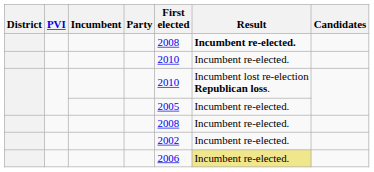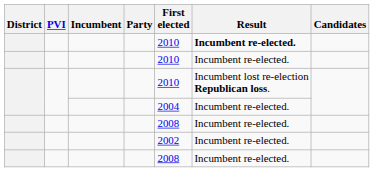 <table class="wikitable sortable">
 <tr valign=bottom>
 <th>District</th>
 <th><a href='#'>PVI</a></th>
 <th>Incumbent</th>
 <th>Party</th>
 <th>First<br>elected</th>
 <th>Result</th>
 <th>Candidates</th>
 </tr>
 <tr>
 <th></th>
 <td></td>
 <td></td>
 <td></td>
-<td><a href='#'>2008 </a></td>
+<td><a href='#'>2010 </a></td>
 <td><strong>Incumbent re-elected.</strong></td>
 <td nowrap></td>
 </tr>
 <tr>
 <th></th>
 <td></td>
 <td></td>
 <td></td>
 <td><a href='#'>2010</a></td>
 <td>Incumbent re-elected.</td>
 <td nowrap></td>
 </tr>
 <tr>
 <th rowspan=2></th>
 <td rowspan=2 ></td>
 <td></td>
 <td></td>
 <td><a href='#'>2010</a></td>
 <td>Incumbent lost re-election<br><strong>Republican loss</strong>.</td>
 <td rowspan=2 nowrap></td>
 </tr>
 <tr>
 <td><br></td>
 <td></td>
-<td><a href='#'>2005</a></td>
+<td><a href='#'>2004</a></td>
 <td>Incumbent re-elected.</td>
 </tr>
 <tr>
 <th></th>
 <td></td>
 <td></td>
 <td></td>
 <td><a href='#'>2008</a></td>
 <td>Incumbent re-elected.</td>
 <td nowrap></td>
 </tr>
 <tr>
 <th></th>
 <td></td>
 <td></td>
 <td></td>
 <td><a href='#'>2002</a></td>
 <td>Incumbent re-elected.</td>
 <td nowrap></td>
 </tr>
 <tr>
 <th></th>
 <td></td>
 <td></td>
 <td></td>
-<td><a href='#'>2006</a></td>
-<td style="background: khaki;">Incumbent re-elected.</td>
+<td><a href='#'>2008</a></td>
+<td>Incumbent re-elected.</td>
 <td nowrap></td>
 </tr>
 </table>
